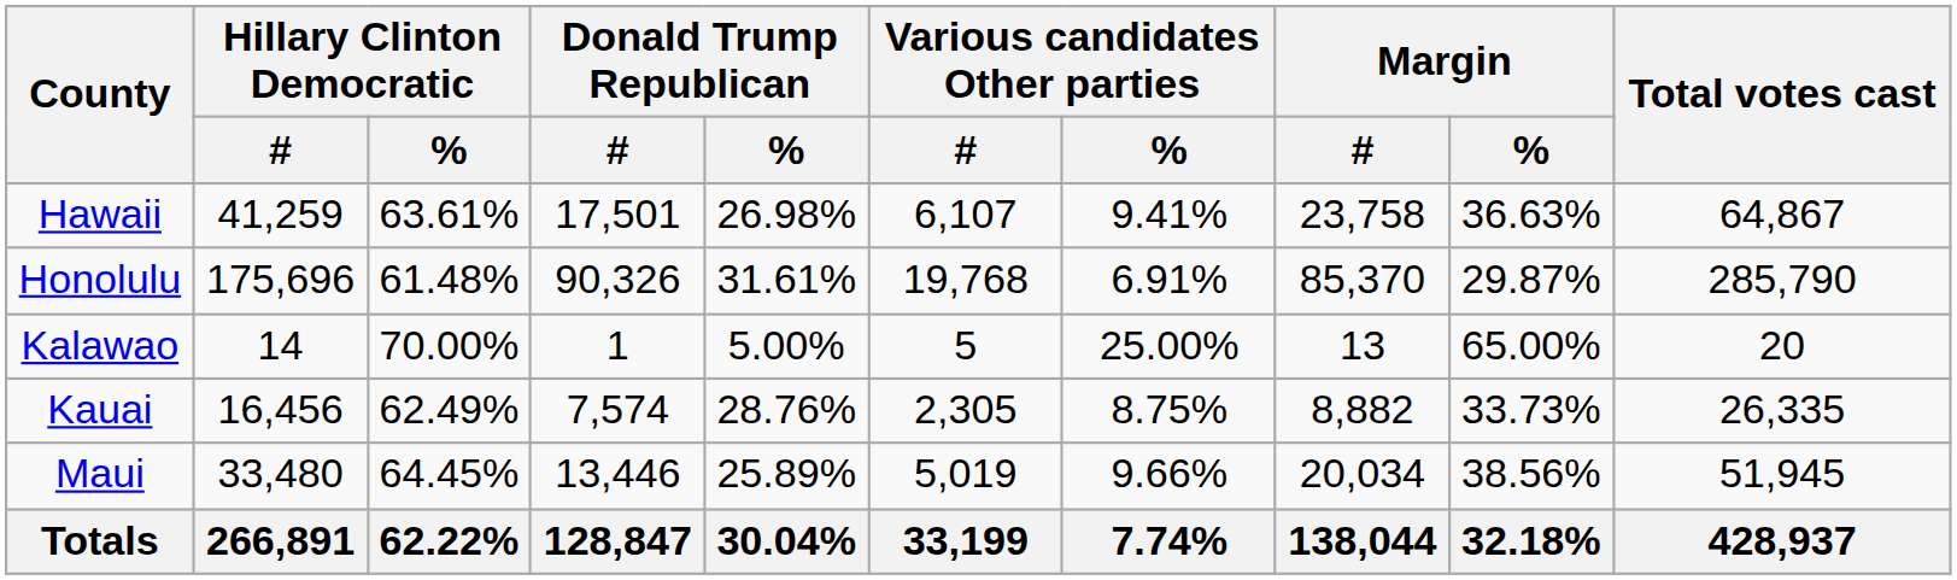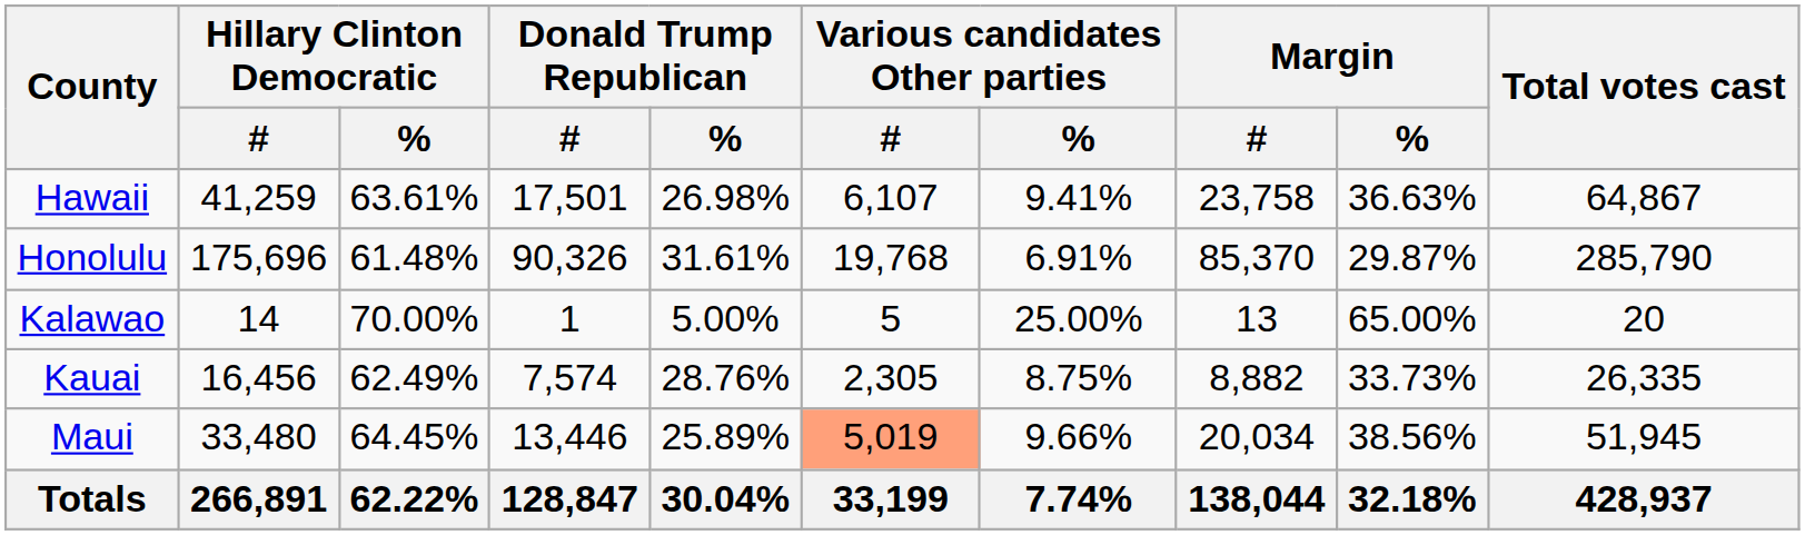 <table width="60%"  class="wikitable sortable" style="text-align:center">
 <tr>
 <th style="text-align:center;" rowspan="2">County</th>
 <th style="text-align:center;" colspan="2">Hillary Clinton<br>Democratic</th>
 <th style="text-align:center;" colspan="2">Donald Trump<br>Republican</th>
 <th style="text-align:center;" colspan="2">Various candidates<br>Other parties</th>
 <th style="text-align:center;" colspan="2">Margin</th>
 <th style="text-align:center;" rowspan="2">Total votes cast</th>
 </tr>
 <tr>
 <th style="text-align:center;" data-sort-type="number">#</th>
 <th style="text-align:center;" data-sort-type="number">%</th>
 <th style="text-align:center;" data-sort-type="number">#</th>
 <th style="text-align:center;" data-sort-type="number">%</th>
 <th style="text-align:center;" data-sort-type="number">#</th>
 <th style="text-align:center;" data-sort-type="number">%</th>
 <th style="text-align:center;" data-sort-type="number">#</th>
 <th style="text-align:center;" data-sort-type="number">%</th>
 </tr>
 <tr style="text-align:center;">
 <td><a href='#'>Hawaii</a></td>
 <td>41,259</td>
 <td>63.61%</td>
 <td>17,501</td>
 <td>26.98%</td>
 <td>6,107</td>
 <td>9.41%</td>
 <td>23,758</td>
 <td>36.63%</td>
 <td>64,867</td>
 </tr>
 <tr style="text-align:center;">
 <td><a href='#'>Honolulu</a></td>
 <td>175,696</td>
 <td>61.48%</td>
 <td>90,326</td>
 <td>31.61%</td>
 <td>19,768</td>
 <td>6.91%</td>
 <td>85,370</td>
 <td>29.87%</td>
 <td>285,790</td>
 </tr>
 <tr style="text-align:center;">
 <td><a href='#'>Kalawao</a></td>
 <td>14</td>
 <td>70.00%</td>
 <td>1</td>
 <td>5.00%</td>
 <td>5</td>
 <td>25.00%</td>
 <td>13</td>
 <td>65.00%</td>
 <td>20</td>
 </tr>
 <tr style="text-align:center;">
 <td><a href='#'>Kauai</a></td>
 <td>16,456</td>
 <td>62.49%</td>
 <td>7,574</td>
 <td>28.76%</td>
 <td>2,305</td>
 <td>8.75%</td>
 <td>8,882</td>
 <td>33.73%</td>
 <td>26,335</td>
 </tr>
 <tr style="text-align:center;">
 <td><a href='#'>Maui</a></td>
 <td>33,480</td>
 <td>64.45%</td>
 <td>13,446</td>
 <td>25.89%</td>
-<td>5,019</td>
+<td style="background: lightsalmon;">5,019</td>
 <td>9.66%</td>
 <td>20,034</td>
 <td>38.56%</td>
 <td>51,945</td>
 </tr>
 <tr>
 <th>Totals</th>
 <th>266,891</th>
 <th>62.22%</th>
 <th>128,847</th>
 <th>30.04%</th>
 <th>33,199</th>
 <th>7.74%</th>
 <th>138,044</th>
 <th>32.18%</th>
 <th>428,937</th>
 </tr>
 </table>
